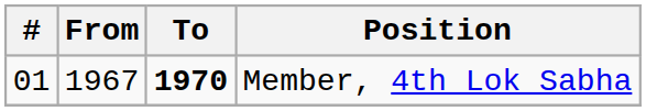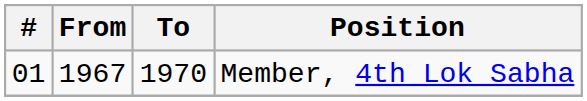 <table class="wikitable sortable">
 <tr>
 <th>#</th>
 <th>From</th>
 <th>To</th>
 <th>Position</th>
 </tr>
 <tr>
 <td>01</td>
 <td>1967</td>
-<td><strong>1970</strong></td>
+<td>1970</td>
 <td>Member, <a href='#'>4th Lok Sabha</a></td>
 </tr>
 <tr>
 </tr>
 </table>
